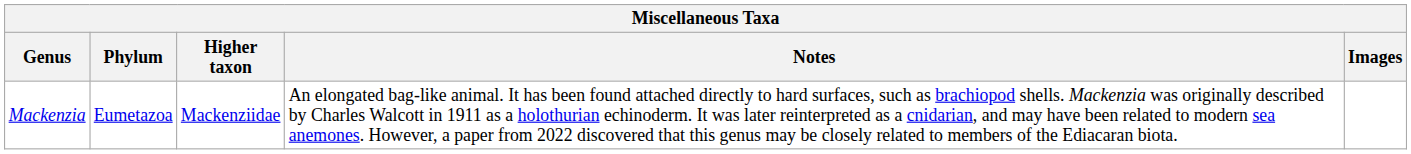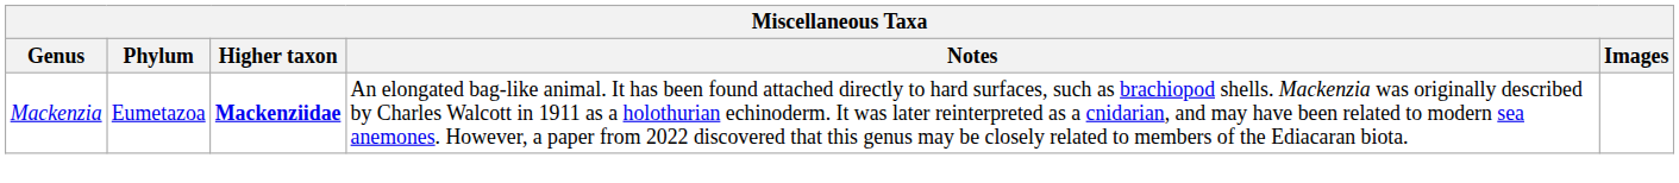 <table class="wikitable sortable" style="background:white; width:100%;">
 <tr>
 <th colspan="5" align="center"><strong>Miscellaneous Taxa</strong></th>
 </tr>
 <tr>
 <th>Genus</th>
 <th>Phylum</th>
 <th>Higher taxon</th>
 <th>Notes</th>
 <th>Images</th>
 </tr>
 <tr>
 <td><em><a href='#'>Mackenzia</a></em></td>
 <td><a href='#'>Eumetazoa</a></td>
-<td><a href='#'>Mackenziidae</a></td>
+<td><strong><a href='#'>Mackenziidae</a></strong></td>
 <td>An elongated bag-like animal. It has been found attached directly to hard surfaces, such as <a href='#'>brachiopod</a> shells. <em>Mackenzia</em> was originally described by Charles Walcott in 1911 as a <a href='#'>holothurian</a> echinoderm. It was later reinterpreted as a <a href='#'>cnidarian</a>, and may have been related to modern <a href='#'>sea anemones</a>. However, a paper from 2022 discovered that this genus may be closely related to members of the Ediacaran biota.</td>
 <td></td>
 </tr>
 </table>
